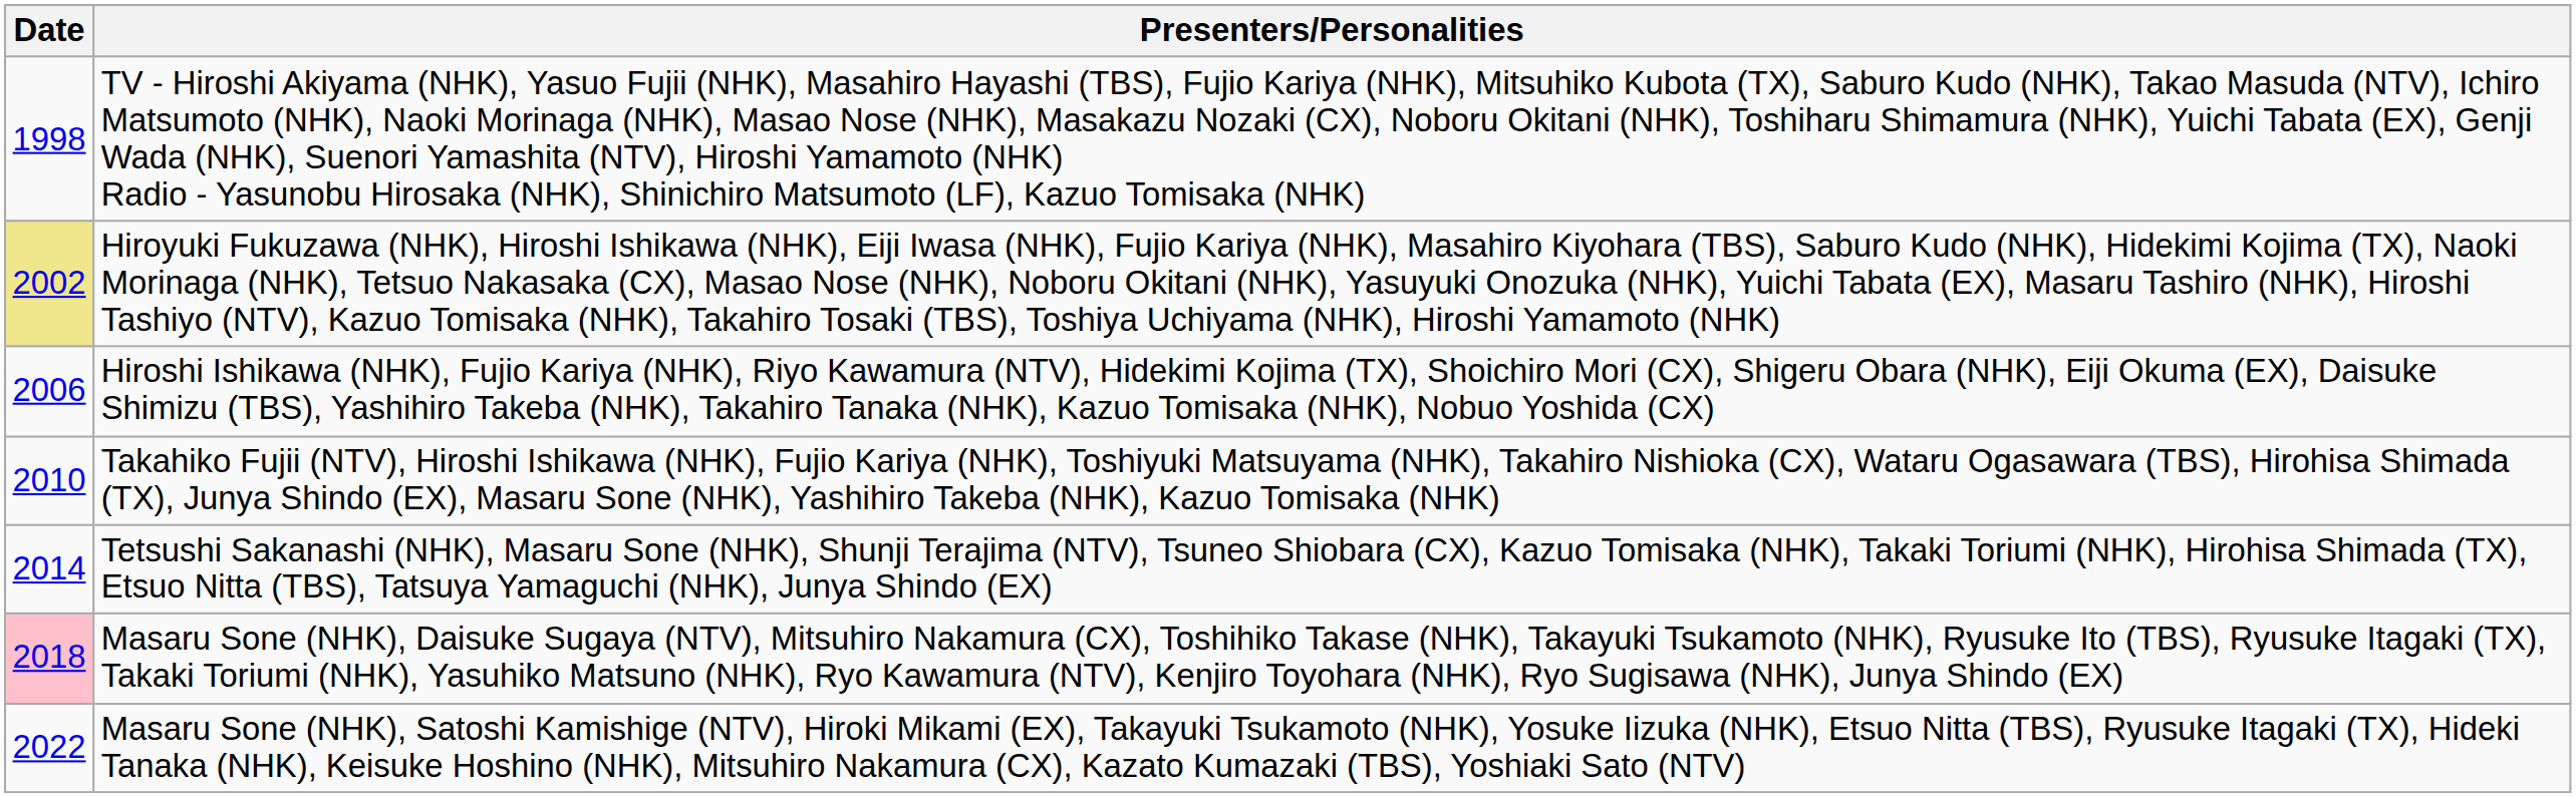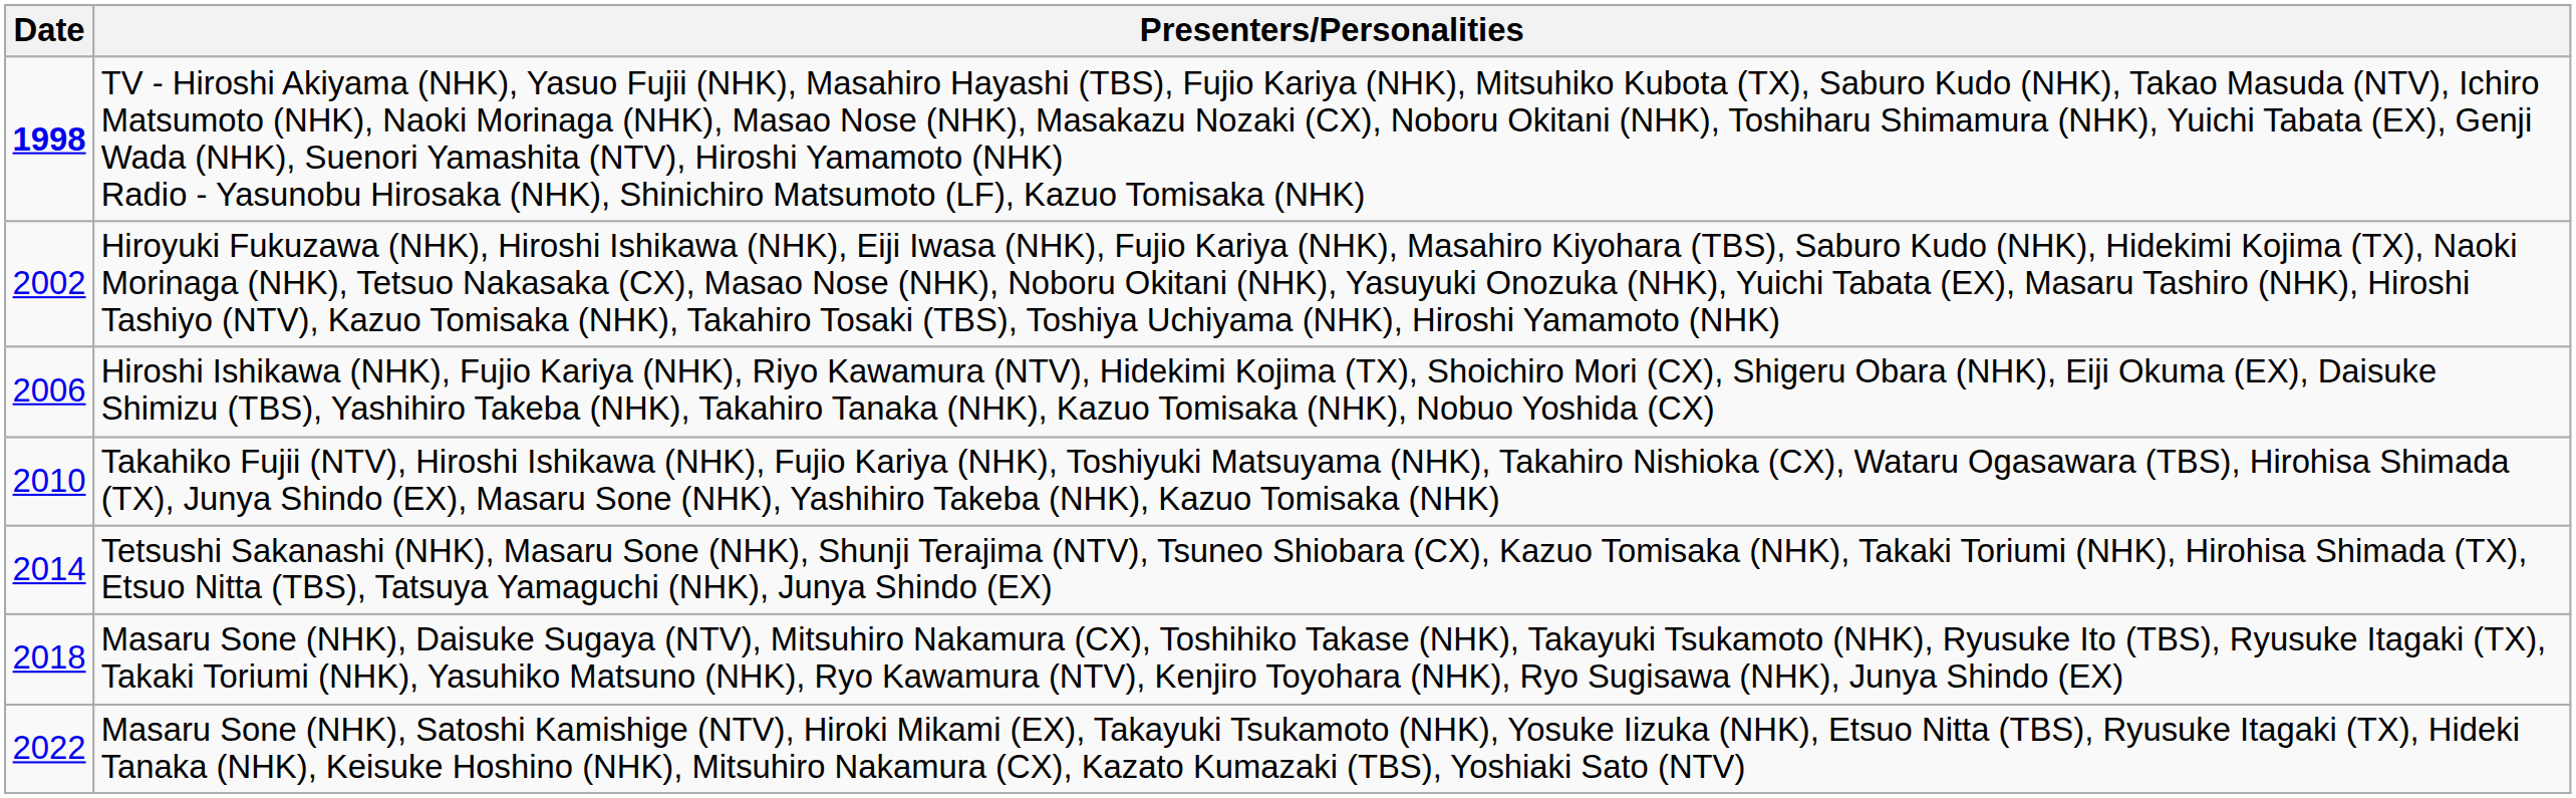 <table class="wikitable">
 <tr>
 <th>Date</th>
 <th>Presenters/Personalities</th>
 </tr>
 <tr>
-<td><a href='#'>1998</a></td>
+<td><strong><a href='#'>1998</a></strong></td>
 <td>TV - Hiroshi Akiyama (NHK), Yasuo Fujii (NHK), Masahiro Hayashi (TBS), Fujio Kariya (NHK), Mitsuhiko Kubota (TX), Saburo Kudo (NHK), Takao Masuda (NTV), Ichiro Matsumoto (NHK), Naoki Morinaga (NHK), Masao Nose (NHK), Masakazu Nozaki (CX), Noboru Okitani (NHK),  Toshiharu Shimamura (NHK),  Yuichi Tabata (EX), Genji Wada (NHK), Suenori Yamashita (NTV), Hiroshi Yamamoto (NHK)<br>Radio - Yasunobu Hirosaka (NHK), Shinichiro Matsumoto (LF), Kazuo Tomisaka (NHK)</td>
 </tr>
 <tr>
-<td style="background: khaki;"><a href='#'>2002</a></td>
+<td><a href='#'>2002</a></td>
 <td>Hiroyuki Fukuzawa (NHK), Hiroshi Ishikawa (NHK), Eiji Iwasa (NHK), Fujio Kariya (NHK), Masahiro Kiyohara (TBS), Saburo Kudo (NHK), Hidekimi Kojima (TX), Naoki Morinaga (NHK), Tetsuo Nakasaka (CX), Masao Nose (NHK), Noboru Okitani (NHK), Yasuyuki Onozuka (NHK), Yuichi Tabata (EX), Masaru Tashiro (NHK), Hiroshi Tashiyo (NTV), Kazuo Tomisaka (NHK), Takahiro Tosaki (TBS), Toshiya Uchiyama (NHK), Hiroshi Yamamoto (NHK)</td>
 </tr>
 <tr>
 <td><a href='#'>2006</a></td>
 <td>Hiroshi Ishikawa (NHK), Fujio Kariya (NHK), Riyo Kawamura (NTV), Hidekimi Kojima (TX), Shoichiro Mori (CX), Shigeru Obara (NHK), Eiji Okuma (EX), Daisuke Shimizu (TBS), Yashihiro Takeba (NHK), Takahiro Tanaka (NHK), Kazuo Tomisaka (NHK), Nobuo Yoshida (CX)</td>
 </tr>
 <tr>
 <td><a href='#'>2010</a></td>
 <td>Takahiko Fujii (NTV), Hiroshi Ishikawa (NHK), Fujio Kariya (NHK), Toshiyuki Matsuyama (NHK), Takahiro Nishioka (CX), Wataru Ogasawara (TBS), Hirohisa Shimada (TX), Junya Shindo (EX), Masaru Sone (NHK), Yashihiro Takeba (NHK), Kazuo Tomisaka (NHK)</td>
 </tr>
 <tr>
 <td><a href='#'>2014</a></td>
 <td>Tetsushi Sakanashi (NHK), Masaru Sone (NHK), Shunji Terajima (NTV), Tsuneo Shiobara (CX), Kazuo Tomisaka (NHK), Takaki Toriumi (NHK), Hirohisa Shimada (TX), Etsuo Nitta (TBS), Tatsuya Yamaguchi (NHK), Junya Shindo (EX)</td>
 </tr>
 <tr>
-<td style="background: pink;"><a href='#'>2018</a></td>
+<td><a href='#'>2018</a></td>
 <td>Masaru Sone (NHK), Daisuke Sugaya (NTV), Mitsuhiro Nakamura (CX), Toshihiko Takase (NHK), Takayuki Tsukamoto (NHK), Ryusuke Ito (TBS), Ryusuke Itagaki (TX), Takaki Toriumi (NHK), Yasuhiko Matsuno (NHK), Ryo Kawamura (NTV), Kenjiro Toyohara (NHK), Ryo Sugisawa (NHK), Junya Shindo (EX)</td>
 </tr>
 <tr>
 <td><a href='#'>2022</a></td>
 <td>Masaru Sone (NHK), Satoshi Kamishige (NTV), Hiroki Mikami (EX), Takayuki Tsukamoto (NHK), Yosuke Iizuka (NHK), Etsuo Nitta (TBS), Ryusuke Itagaki (TX), Hideki Tanaka (NHK), Keisuke Hoshino (NHK), Mitsuhiro Nakamura (CX), Kazato Kumazaki (TBS), Yoshiaki Sato (NTV)</td>
 </tr>
 </table>
